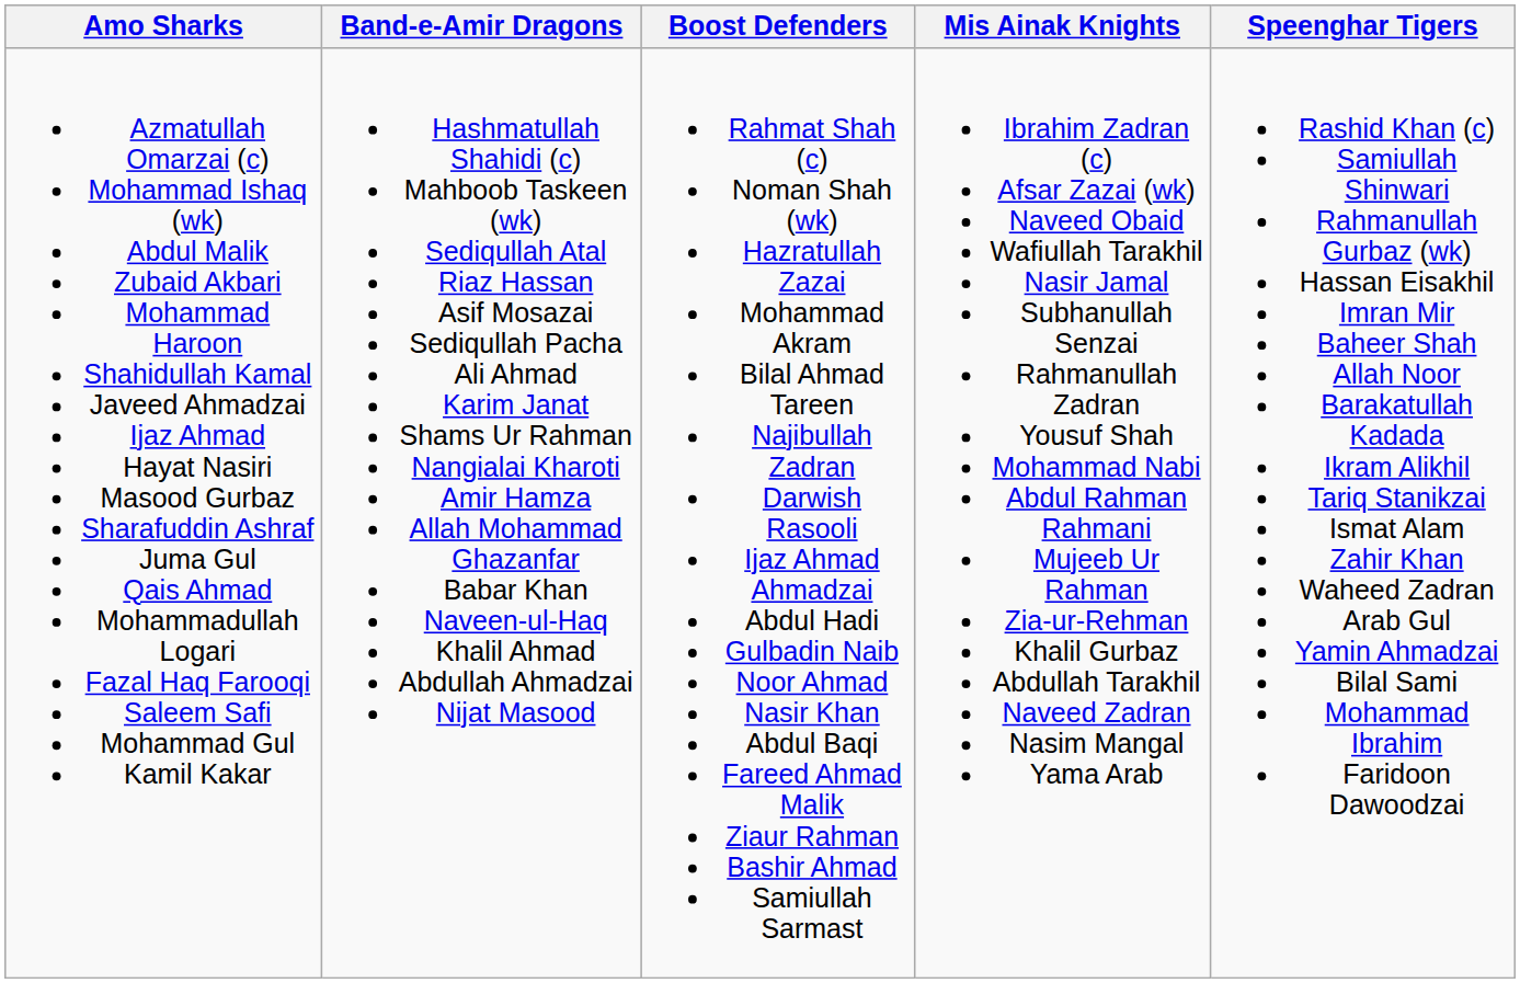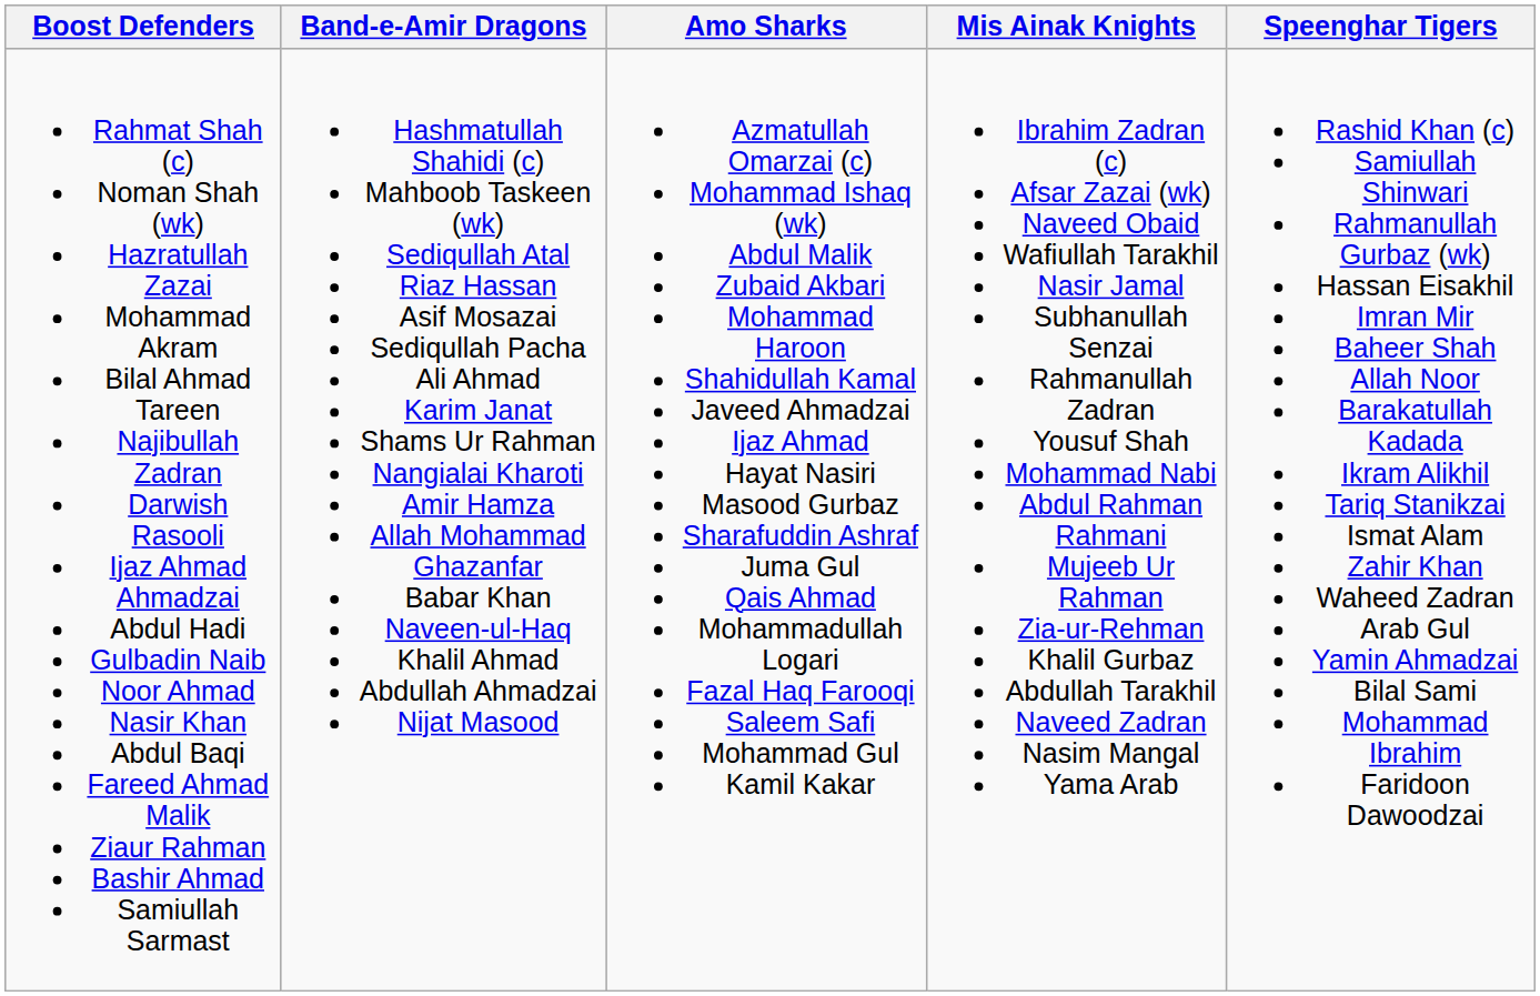 <table class="wikitable" style="text-align:center; margin:auto">
 <tr>
+<th><a href='#'>Boost Defenders</a></th>
+<th><a href='#'>Band-e-Amir Dragons</a></th>
 <th><a href='#'>Amo Sharks</a></th>
-<th><a href='#'>Band-e-Amir Dragons</a></th>
-<th><a href='#'>Boost Defenders</a></th>
 <th><a href='#'>Mis Ainak Knights</a></th>
 <th><a href='#'>Speenghar Tigers</a></th>
 </tr>
 <tr style="vertical-align:top">
+<td><br><ul><li><a href='#'>Rahmat Shah</a> (<a href='#'>c</a>)</li><li>Noman Shah (<a href='#'>wk</a>)</li><li><a href='#'>Hazratullah Zazai</a></li><li>Mohammad Akram</li><li>Bilal Ahmad Tareen</li><li><a href='#'>Najibullah Zadran</a></li><li><a href='#'>Darwish Rasooli</a></li><li><a href='#'>Ijaz Ahmad Ahmadzai</a></li><li>Abdul Hadi</li><li><a href='#'>Gulbadin Naib</a></li><li><a href='#'>Noor Ahmad</a></li><li><a href='#'>Nasir Khan</a></li><li>Abdul Baqi</li><li><a href='#'>Fareed Ahmad Malik</a></li><li><a href='#'>Ziaur Rahman</a></li><li><a href='#'>Bashir Ahmad</a></li><li>Samiullah Sarmast</li></ul></td>
+<td><br><ul><li><a href='#'>Hashmatullah Shahidi</a> (<a href='#'>c</a>)</li><li>Mahboob Taskeen (<a href='#'>wk</a>)</li><li><a href='#'>Sediqullah Atal</a></li><li><a href='#'>Riaz Hassan</a></li><li>Asif Mosazai</li><li>Sediqullah Pacha</li><li>Ali Ahmad</li><li><a href='#'>Karim Janat</a></li><li>Shams Ur Rahman</li><li><a href='#'>Nangialai Kharoti</a></li><li><a href='#'>Amir Hamza</a></li><li><a href='#'>Allah Mohammad Ghazanfar</a></li><li>Babar Khan</li><li><a href='#'>Naveen-ul-Haq</a></li><li>Khalil Ahmad</li><li>Abdullah Ahmadzai</li><li><a href='#'>Nijat Masood</a></li></ul></td>
 <td><br><ul><li><a href='#'>Azmatullah Omarzai</a> (<a href='#'>c</a>)</li><li><a href='#'>Mohammad Ishaq</a> (<a href='#'>wk</a>)</li><li><a href='#'>Abdul Malik</a></li><li><a href='#'>Zubaid Akbari</a></li><li><a href='#'>Mohammad Haroon</a></li><li><a href='#'>Shahidullah Kamal</a></li><li>Javeed Ahmadzai</li><li><a href='#'>Ijaz Ahmad</a></li><li>Hayat Nasiri</li><li>Masood Gurbaz</li><li><a href='#'>Sharafuddin Ashraf</a></li><li>Juma Gul</li><li><a href='#'>Qais Ahmad</a></li><li>Mohammadullah Logari</li><li><a href='#'>Fazal Haq Farooqi</a></li><li><a href='#'>Saleem Safi</a></li><li>Mohammad Gul</li><li>Kamil Kakar</li></ul></td>
-<td><br><ul><li><a href='#'>Hashmatullah Shahidi</a> (<a href='#'>c</a>)</li><li>Mahboob Taskeen (<a href='#'>wk</a>)</li><li><a href='#'>Sediqullah Atal</a></li><li><a href='#'>Riaz Hassan</a></li><li>Asif Mosazai</li><li>Sediqullah Pacha</li><li>Ali Ahmad</li><li><a href='#'>Karim Janat</a></li><li>Shams Ur Rahman</li><li><a href='#'>Nangialai Kharoti</a></li><li><a href='#'>Amir Hamza</a></li><li><a href='#'>Allah Mohammad Ghazanfar</a></li><li>Babar Khan</li><li><a href='#'>Naveen-ul-Haq</a></li><li>Khalil Ahmad</li><li>Abdullah Ahmadzai</li><li><a href='#'>Nijat Masood</a></li></ul></td>
-<td><br><ul><li><a href='#'>Rahmat Shah</a> (<a href='#'>c</a>)</li><li>Noman Shah (<a href='#'>wk</a>)</li><li><a href='#'>Hazratullah Zazai</a></li><li>Mohammad Akram</li><li>Bilal Ahmad Tareen</li><li><a href='#'>Najibullah Zadran</a></li><li><a href='#'>Darwish Rasooli</a></li><li><a href='#'>Ijaz Ahmad Ahmadzai</a></li><li>Abdul Hadi</li><li><a href='#'>Gulbadin Naib</a></li><li><a href='#'>Noor Ahmad</a></li><li><a href='#'>Nasir Khan</a></li><li>Abdul Baqi</li><li><a href='#'>Fareed Ahmad Malik</a></li><li><a href='#'>Ziaur Rahman</a></li><li><a href='#'>Bashir Ahmad</a></li><li>Samiullah Sarmast</li></ul></td>
 <td><br><ul><li><a href='#'>Ibrahim Zadran</a> (<a href='#'>c</a>)</li><li><a href='#'>Afsar Zazai</a> (<a href='#'>wk</a>)</li><li><a href='#'>Naveed Obaid</a></li><li>Wafiullah Tarakhil</li><li><a href='#'>Nasir Jamal</a></li><li>Subhanullah Senzai</li><li>Rahmanullah Zadran</li><li>Yousuf Shah</li><li><a href='#'>Mohammad Nabi</a></li><li><a href='#'>Abdul Rahman Rahmani</a></li><li><a href='#'>Mujeeb Ur Rahman</a></li><li><a href='#'>Zia-ur-Rehman</a></li><li>Khalil Gurbaz</li><li>Abdullah Tarakhil</li><li><a href='#'>Naveed Zadran</a></li><li>Nasim Mangal</li><li>Yama Arab</li></ul></td>
 <td><br><ul><li><a href='#'>Rashid Khan</a> (<a href='#'>c</a>)</li><li><a href='#'>Samiullah Shinwari</a></li><li><a href='#'>Rahmanullah Gurbaz</a> (<a href='#'>wk</a>)</li><li>Hassan Eisakhil</li><li><a href='#'>Imran Mir</a></li><li><a href='#'>Baheer Shah</a></li><li><a href='#'>Allah Noor</a></li><li><a href='#'>Barakatullah Kadada</a></li><li><a href='#'>Ikram Alikhil</a></li><li><a href='#'>Tariq Stanikzai</a></li><li>Ismat Alam</li><li><a href='#'>Zahir Khan</a></li><li>Waheed Zadran</li><li>Arab Gul</li><li><a href='#'>Yamin Ahmadzai</a></li><li>Bilal Sami</li><li><a href='#'>Mohammad Ibrahim</a></li><li>Faridoon Dawoodzai</li></ul></td>
 </tr>
 </table>
